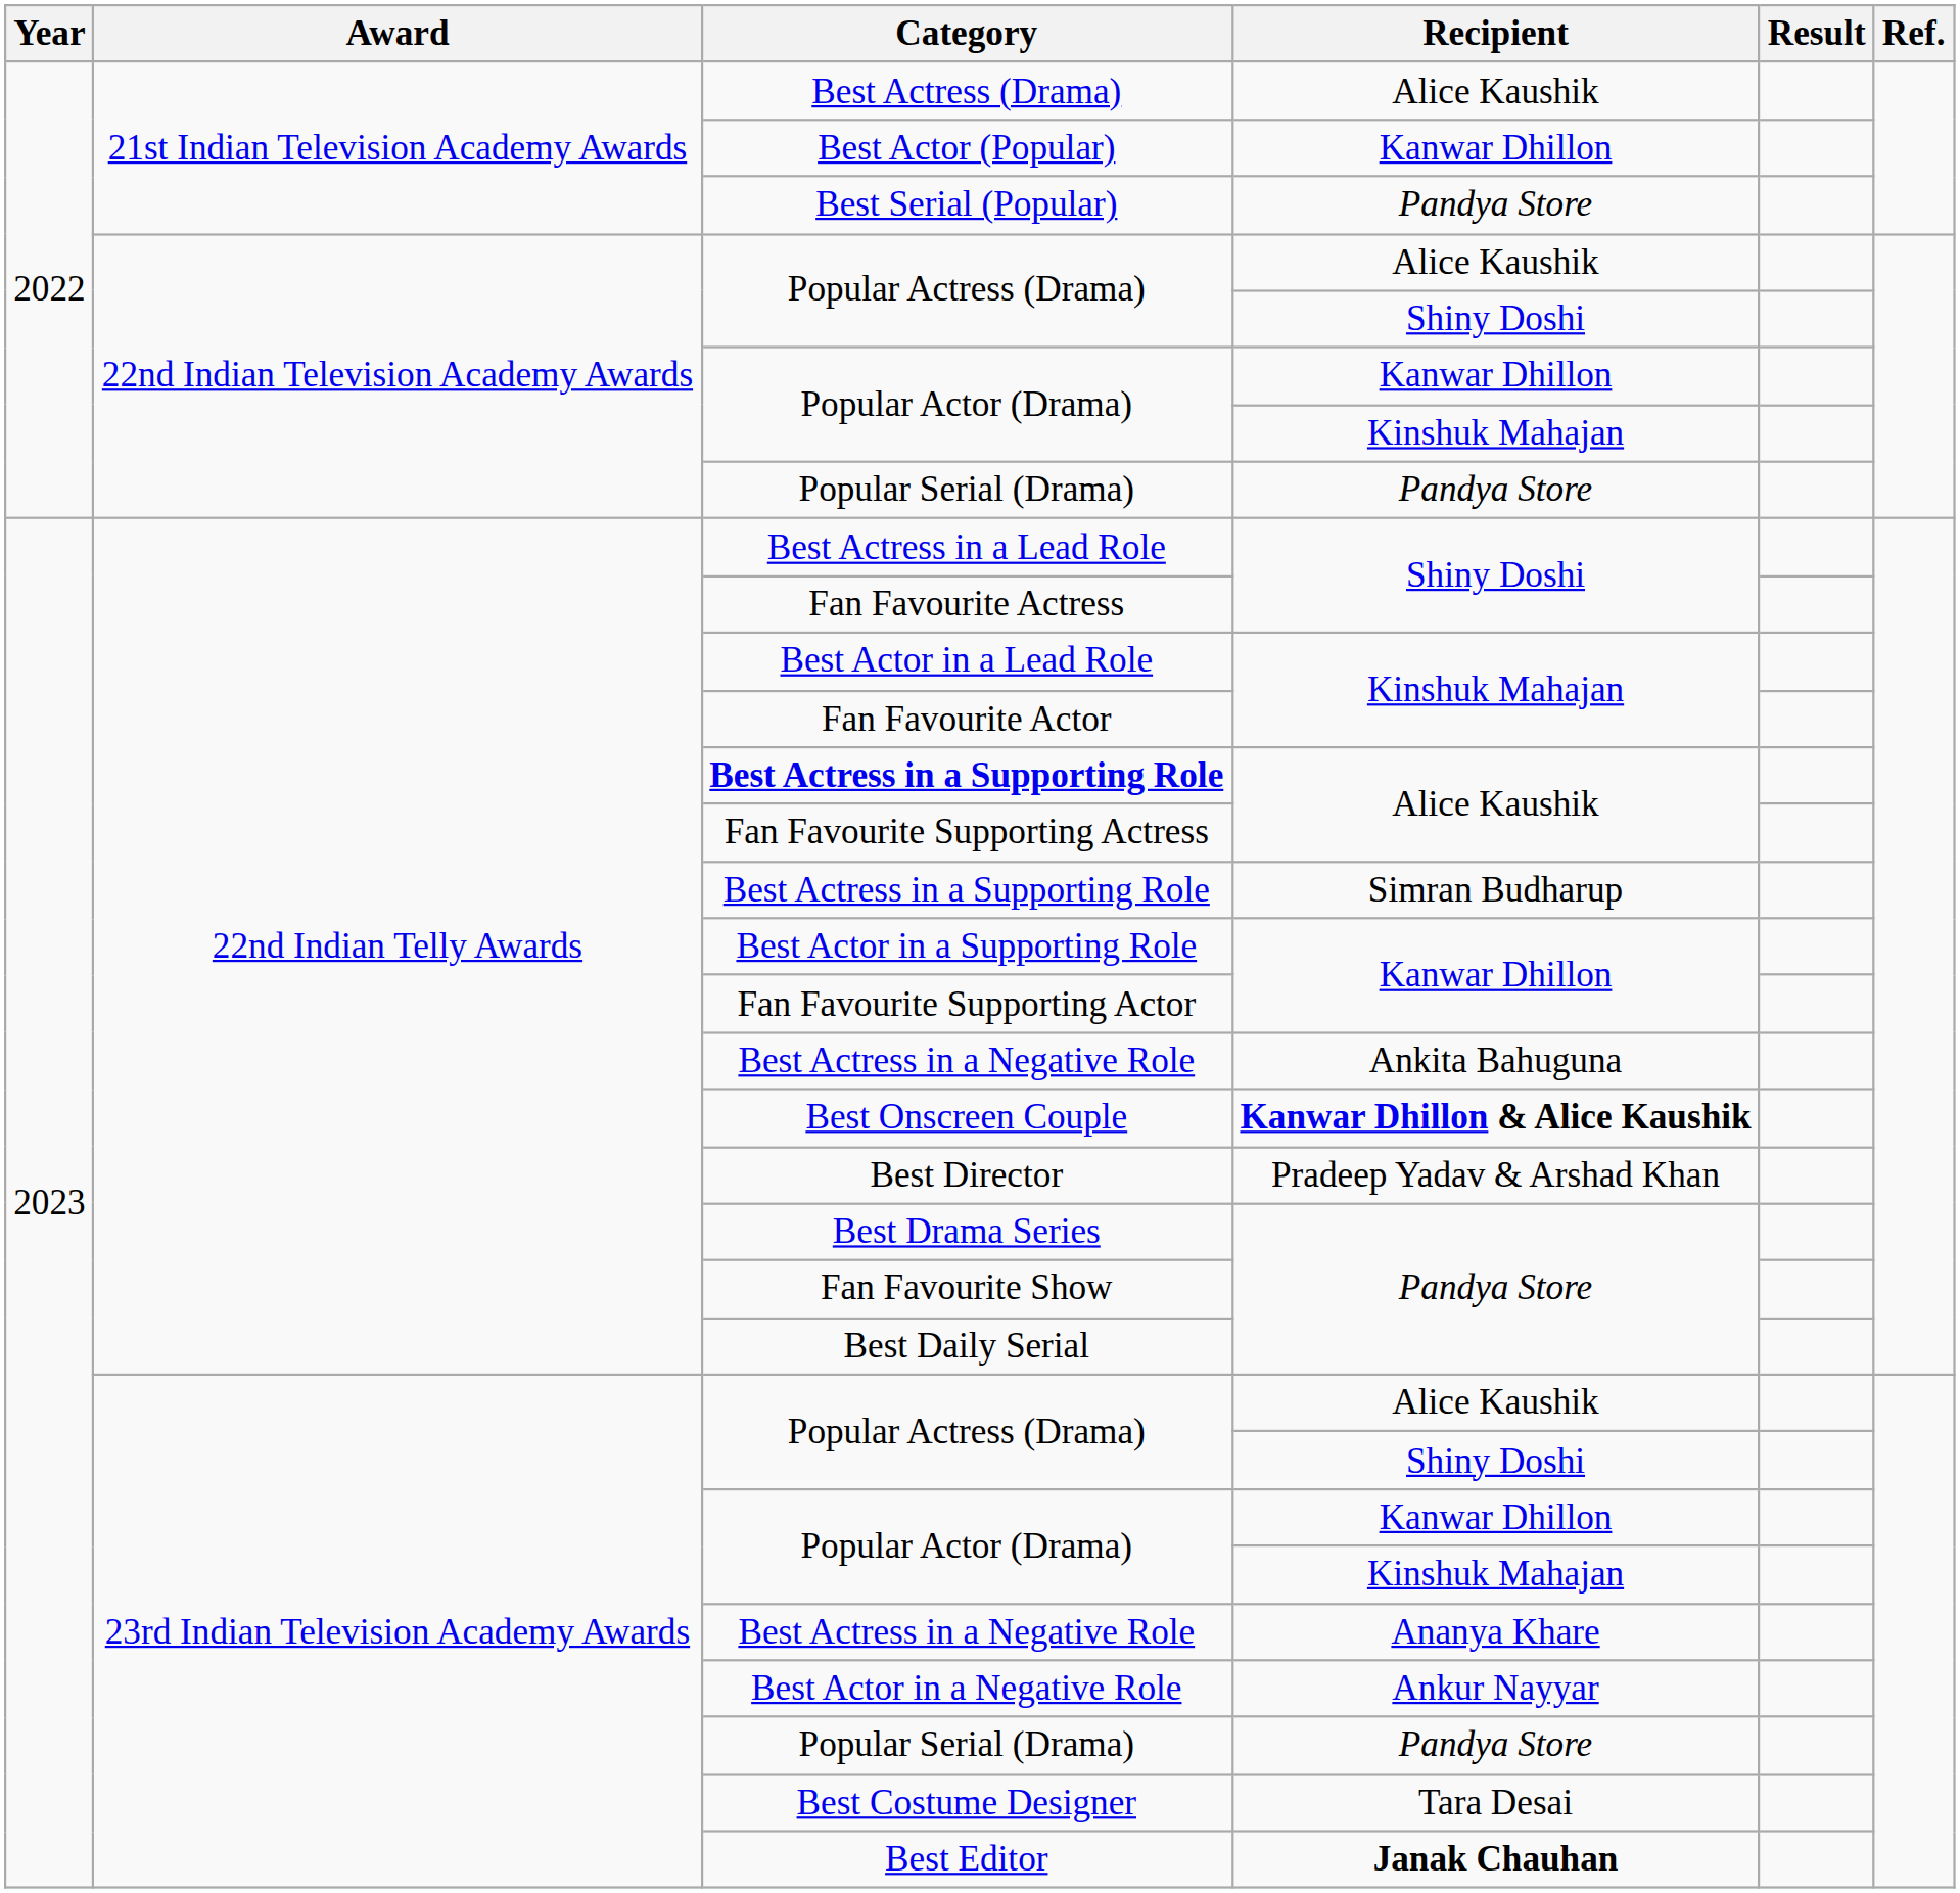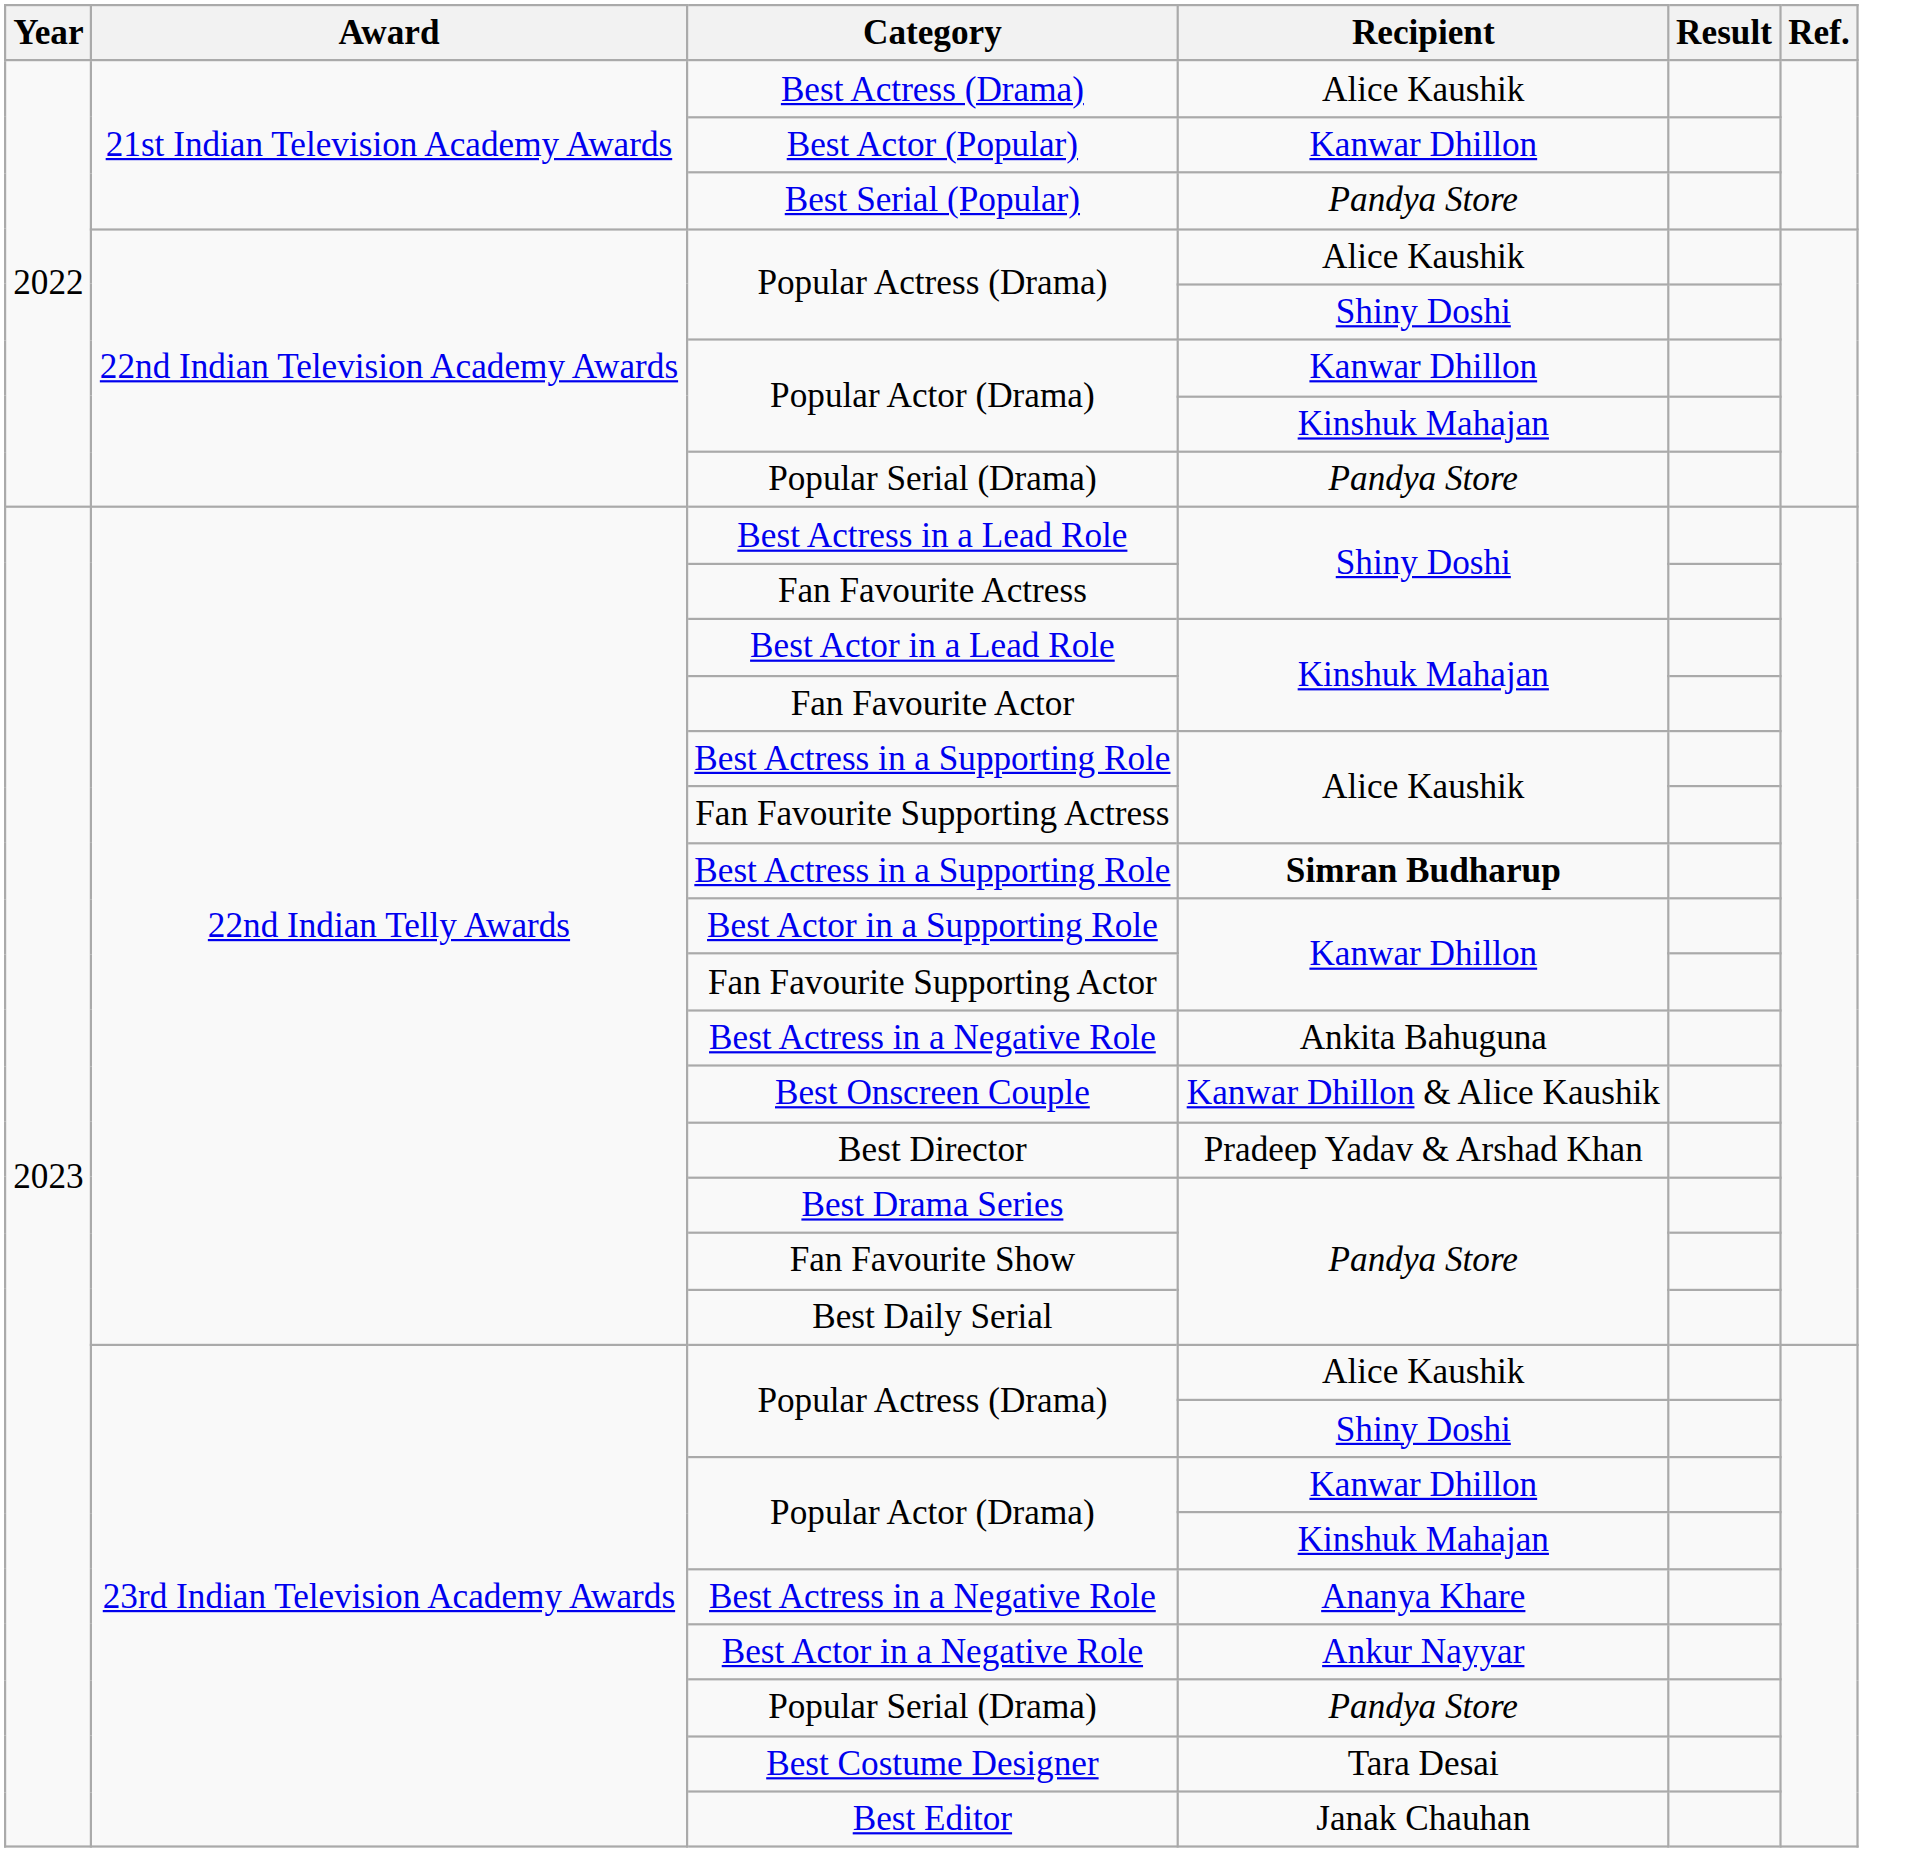 <table class="wikitable" style="text-align:center;">
 <tr>
 <th>Year</th>
 <th>Award</th>
 <th>Category</th>
 <th>Recipient</th>
 <th>Result</th>
 <th>Ref.</th>
 </tr>
 <tr>
 <td rowspan="8">2022</td>
 <td rowspan="3"><a href='#'>21st Indian Television Academy Awards</a></td>
 <td><a href='#'>Best Actress (Drama)</a></td>
 <td>Alice Kaushik</td>
 <td></td>
 <td rowspan="3"></td>
 </tr>
 <tr>
 <td><a href='#'>Best Actor (Popular)</a></td>
 <td><a href='#'>Kanwar Dhillon</a></td>
 <td></td>
 </tr>
 <tr>
 <td><a href='#'>Best Serial (Popular)</a></td>
 <td><em>Pandya Store</em></td>
 <td></td>
 </tr>
 <tr>
 <td rowspan="5"><a href='#'>22nd Indian Television Academy Awards</a></td>
 <td rowspan="2">Popular Actress (Drama)</td>
 <td>Alice Kaushik</td>
 <td></td>
 <td rowspan="5"></td>
 </tr>
 <tr>
 <td><a href='#'>Shiny Doshi</a></td>
 <td></td>
 </tr>
 <tr>
 <td rowspan="2">Popular Actor (Drama)</td>
 <td><a href='#'>Kanwar Dhillon</a></td>
 <td></td>
 </tr>
 <tr>
 <td><a href='#'>Kinshuk Mahajan</a></td>
 <td></td>
 </tr>
 <tr>
 <td>Popular Serial (Drama)</td>
 <td><em>Pandya Store</em></td>
 <td></td>
 </tr>
 <tr>
 <td rowspan="24">2023</td>
 <td rowspan="15"><a href='#'>22nd Indian Telly Awards</a></td>
 <td><a href='#'>Best Actress in a Lead Role</a></td>
 <td rowspan="2"><a href='#'>Shiny Doshi</a></td>
 <td></td>
 <td rowspan="15"></td>
 </tr>
 <tr>
 <td>Fan Favourite Actress</td>
 <td></td>
 </tr>
 <tr>
 <td><a href='#'>Best Actor in a Lead Role</a></td>
 <td rowspan="2"><a href='#'>Kinshuk Mahajan</a></td>
 <td></td>
 </tr>
 <tr>
 <td>Fan Favourite Actor</td>
 <td></td>
 </tr>
 <tr>
-<td><strong><a href='#'>Best Actress in a Supporting Role</a></strong></td>
+<td><a href='#'>Best Actress in a Supporting Role</a></td>
 <td rowspan="2">Alice Kaushik</td>
 <td></td>
 </tr>
 <tr>
 <td>Fan Favourite Supporting Actress</td>
 <td></td>
 </tr>
 <tr>
 <td><a href='#'>Best Actress in a Supporting Role</a></td>
-<td>Simran Budharup</td>
+<td><strong>Simran Budharup</strong></td>
 <td></td>
 </tr>
 <tr>
 <td><a href='#'>Best Actor in a Supporting Role</a></td>
 <td rowspan="2"><a href='#'>Kanwar Dhillon</a></td>
 <td></td>
 </tr>
 <tr>
 <td>Fan Favourite Supporting Actor</td>
 <td></td>
 </tr>
 <tr>
 <td><a href='#'>Best Actress in a Negative Role</a></td>
 <td>Ankita Bahuguna</td>
 <td></td>
 </tr>
 <tr>
 <td><a href='#'>Best Onscreen Couple</a></td>
-<td><strong><a href='#'>Kanwar Dhillon</a> & Alice Kaushik</strong></td>
+<td><a href='#'>Kanwar Dhillon</a> & Alice Kaushik</td>
 <td></td>
 </tr>
 <tr>
 <td>Best Director</td>
 <td>Pradeep Yadav & Arshad Khan</td>
 <td></td>
 </tr>
 <tr>
 <td><a href='#'>Best Drama Series</a></td>
 <td rowspan="3"><em>Pandya Store</em></td>
 <td></td>
 </tr>
 <tr>
 <td>Fan Favourite Show</td>
 <td></td>
 </tr>
 <tr>
 <td>Best Daily Serial</td>
 <td></td>
 </tr>
 <tr>
 <td rowspan="9"><a href='#'>23rd Indian Television Academy Awards</a></td>
 <td rowspan="2">Popular Actress (Drama)</td>
 <td>Alice Kaushik</td>
 <td></td>
 <td rowspan="9"></td>
 </tr>
 <tr>
 <td><a href='#'>Shiny Doshi</a></td>
 <td></td>
 </tr>
 <tr>
 <td rowspan="2">Popular Actor (Drama)</td>
 <td><a href='#'>Kanwar Dhillon</a></td>
 <td></td>
 </tr>
 <tr>
 <td><a href='#'>Kinshuk Mahajan</a></td>
 <td></td>
 </tr>
 <tr>
 <td><a href='#'>Best Actress in a Negative Role</a></td>
 <td><a href='#'>Ananya Khare</a></td>
 <td></td>
 </tr>
 <tr>
 <td><a href='#'>Best Actor in a Negative Role</a></td>
 <td><a href='#'>Ankur Nayyar</a></td>
 <td></td>
 </tr>
 <tr>
 <td>Popular Serial (Drama)</td>
 <td><em>Pandya Store</em></td>
 <td></td>
 </tr>
 <tr>
 <td><a href='#'>Best Costume Designer</a></td>
 <td>Tara Desai</td>
 <td></td>
 </tr>
 <tr>
 <td><a href='#'>Best Editor</a></td>
-<td><strong>Janak Chauhan</strong></td>
+<td>Janak Chauhan</td>
 <td></td>
 </tr>
 </table>
